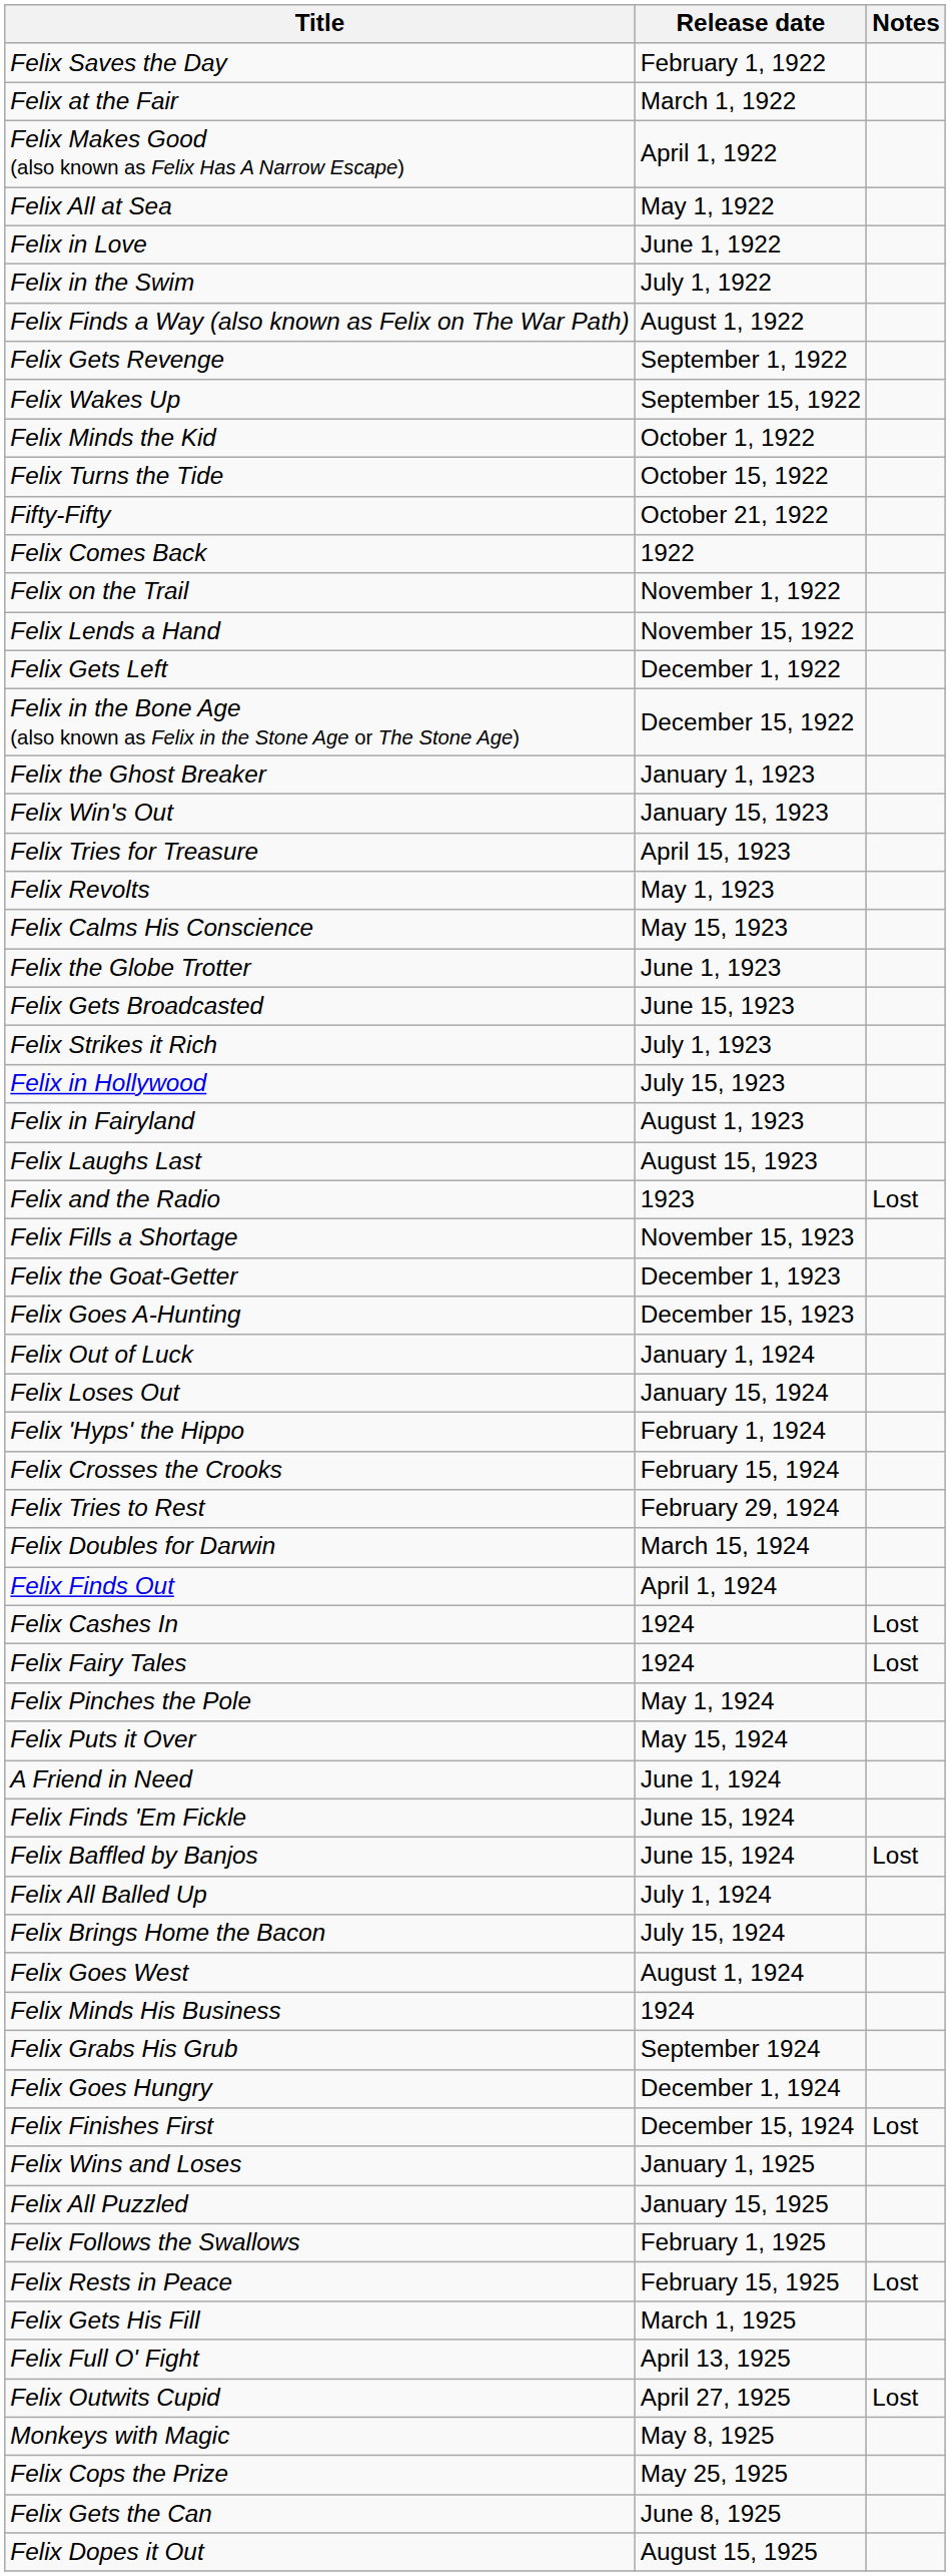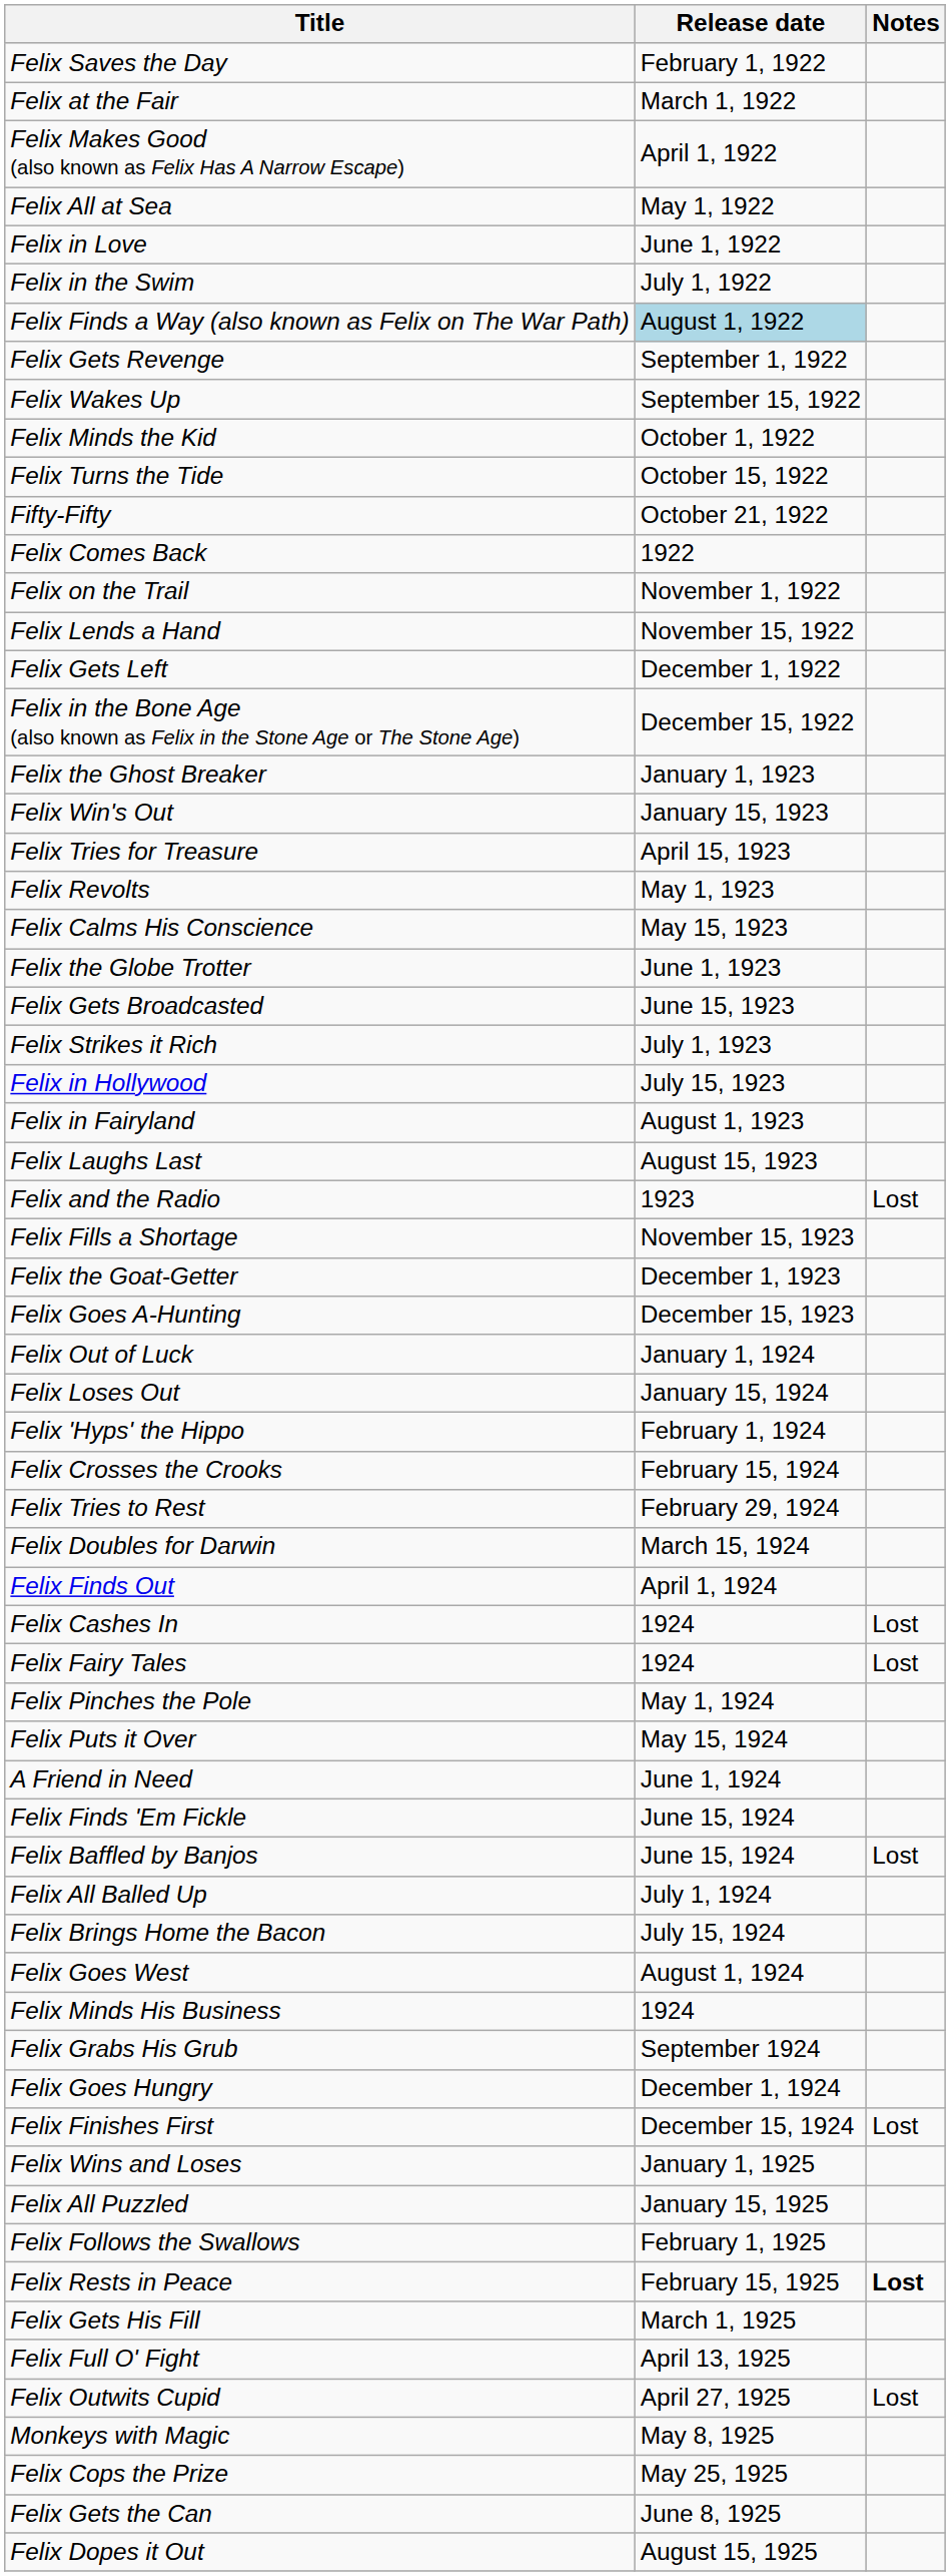 <table class="wikitable">
 <tr>
 <th>Title</th>
 <th>Release date</th>
 <th>Notes</th>
 </tr>
 <tr>
 <td><em>Felix Saves the Day</em> </td>
 <td>February 1, 1922</td>
 <td></td>
 </tr>
 <tr>
 <td><em>Felix at the Fair</em> </td>
 <td>March 1, 1922</td>
 <td></td>
 </tr>
 <tr>
 <td><em>Felix Makes Good</em>  <br> <small>(also known as <em>Felix Has A Narrow Escape</em>)</small></td>
 <td>April 1, 1922</td>
 <td></td>
 </tr>
 <tr>
 <td><em>Felix All at Sea</em></td>
 <td>May 1, 1922</td>
 <td></td>
 </tr>
 <tr>
 <td><em>Felix in Love</em> </td>
 <td>June 1, 1922</td>
 <td></td>
 </tr>
 <tr>
 <td><em>Felix in the Swim</em> </td>
 <td>July 1, 1922</td>
 <td></td>
 </tr>
 <tr>
 <td><em>Felix Finds a Way (also known as Felix on The War Path)</em> </td>
-<td>August 1, 1922</td>
+<td style="background: lightblue;">August 1, 1922</td>
 <td></td>
 </tr>
 <tr>
 <td><em>Felix Gets Revenge</em> </td>
 <td>September 1, 1922</td>
 <td></td>
 </tr>
 <tr>
 <td><em>Felix Wakes Up</em></td>
 <td>September 15, 1922</td>
 <td></td>
 </tr>
 <tr>
 <td><em>Felix Minds the Kid</em> </td>
 <td>October 1, 1922</td>
 <td></td>
 </tr>
 <tr>
 <td><em>Felix Turns the Tide</em>  <br></td>
 <td>October 15, 1922</td>
 <td></td>
 </tr>
 <tr>
 <td><em>Fifty-Fifty</em> </td>
 <td>October 21, 1922</td>
 <td></td>
 </tr>
 <tr>
 <td><em>Felix Comes Back</em> </td>
 <td>1922</td>
 <td></td>
 </tr>
 <tr>
 <td><em>Felix on the Trail</em></td>
 <td>November 1, 1922</td>
 <td></td>
 </tr>
 <tr>
 <td><em>Felix Lends a Hand</em> </td>
 <td>November 15, 1922</td>
 <td></td>
 </tr>
 <tr>
 <td><em>Felix Gets Left</em> </td>
 <td>December 1, 1922</td>
 <td></td>
 </tr>
 <tr>
 <td><em>Felix in the Bone Age</em>  <br> <small>(also known as <em>Felix in the Stone Age</em> or <em>The Stone Age</em>)</small></td>
 <td>December 15, 1922</td>
 <td></td>
 </tr>
 <tr>
 <td><em>Felix the Ghost Breaker</em> </td>
 <td>January 1, 1923</td>
 <td></td>
 </tr>
 <tr>
 <td><em>Felix Win's Out</em>  </td>
 <td>January 15, 1923</td>
 <td></td>
 </tr>
 <tr>
 <td><em>Felix Tries for Treasure</em> </td>
 <td>April 15, 1923</td>
 <td></td>
 </tr>
 <tr>
 <td><em>Felix Revolts</em> </td>
 <td>May 1, 1923</td>
 <td></td>
 </tr>
 <tr>
 <td><em>Felix Calms His Conscience</em></td>
 <td>May 15, 1923</td>
 <td></td>
 </tr>
 <tr>
 <td><em>Felix the Globe Trotter</em></td>
 <td>June 1, 1923</td>
 <td></td>
 </tr>
 <tr>
 <td><em>Felix Gets Broadcasted</em> </td>
 <td>June 15, 1923</td>
 <td></td>
 </tr>
 <tr>
 <td><em>Felix Strikes it Rich</em> </td>
 <td>July 1, 1923</td>
 <td></td>
 </tr>
 <tr>
 <td><em><a href='#'>Felix in Hollywood</a></em> </td>
 <td>July 15, 1923</td>
 <td></td>
 </tr>
 <tr>
 <td><em>Felix in Fairyland</em> </td>
 <td>August 1, 1923</td>
 <td></td>
 </tr>
 <tr>
 <td><em>Felix Laughs Last</em> </td>
 <td>August 15, 1923</td>
 <td></td>
 </tr>
 <tr>
 <td><em>Felix and the Radio</em></td>
 <td>1923</td>
 <td>Lost</td>
 </tr>
 <tr>
 <td><em>Felix Fills a Shortage </em></td>
 <td>November 15, 1923</td>
 <td></td>
 </tr>
 <tr>
 <td><em>Felix the Goat-Getter </em></td>
 <td>December 1, 1923</td>
 <td></td>
 </tr>
 <tr>
 <td><em>Felix Goes A-Hunting</em> </td>
 <td>December 15, 1923</td>
 <td></td>
 </tr>
 <tr>
 <td><em>Felix Out of Luck</em> </td>
 <td>January 1, 1924</td>
 <td></td>
 </tr>
 <tr>
 <td><em>Felix Loses Out</em></td>
 <td>January 15, 1924</td>
 <td></td>
 </tr>
 <tr>
 <td><em>Felix 'Hyps' the Hippo</em> </td>
 <td>February 1, 1924</td>
 <td></td>
 </tr>
 <tr>
 <td><em>Felix Crosses the Crooks</em> </td>
 <td>February 15, 1924</td>
 <td></td>
 </tr>
 <tr>
 <td><em>Felix Tries to Rest</em> </td>
 <td>February 29, 1924</td>
 <td></td>
 </tr>
 <tr>
 <td><em>Felix Doubles for Darwin</em> </td>
 <td>March 15, 1924</td>
 <td></td>
 </tr>
 <tr>
 <td><em><a href='#'>Felix Finds Out</a></em> </td>
 <td>April 1, 1924</td>
 <td></td>
 </tr>
 <tr>
 <td><em>Felix Cashes In</em></td>
 <td>1924</td>
 <td>Lost</td>
 </tr>
 <tr>
 <td><em>Felix Fairy Tales</em></td>
 <td>1924</td>
 <td>Lost</td>
 </tr>
 <tr>
 <td><em>Felix Pinches the Pole</em> </td>
 <td>May 1, 1924</td>
 <td></td>
 </tr>
 <tr>
 <td><em>Felix Puts it Over </em></td>
 <td>May 15, 1924</td>
 <td></td>
 </tr>
 <tr>
 <td><em>A Friend in Need </em></td>
 <td>June 1, 1924</td>
 <td></td>
 </tr>
 <tr>
 <td><em>Felix Finds 'Em Fickle</em> </td>
 <td>June 15, 1924</td>
 <td></td>
 </tr>
 <tr>
 <td><em>Felix Baffled by Banjos</em></td>
 <td>June 15, 1924</td>
 <td>Lost</td>
 </tr>
 <tr>
 <td><em>Felix All Balled Up</em> </td>
 <td>July 1, 1924</td>
 <td></td>
 </tr>
 <tr>
 <td><em>Felix Brings Home the Bacon</em> </td>
 <td>July 15, 1924</td>
 <td></td>
 </tr>
 <tr>
 <td><em>Felix Goes West</em> </td>
 <td>August 1, 1924</td>
 <td></td>
 </tr>
 <tr>
 <td><em>Felix Minds His Business </em></td>
 <td>1924</td>
 <td></td>
 </tr>
 <tr>
 <td><em>Felix Grabs His Grub</em> </td>
 <td>September 1924</td>
 <td></td>
 </tr>
 <tr>
 <td><em>Felix Goes Hungry </em></td>
 <td>December 1, 1924</td>
 <td></td>
 </tr>
 <tr>
 <td><em>Felix Finishes First</em></td>
 <td>December 15, 1924</td>
 <td>Lost</td>
 </tr>
 <tr>
 <td><em>Felix Wins and Loses</em></td>
 <td>January 1, 1925</td>
 <td></td>
 </tr>
 <tr>
 <td><em>Felix All Puzzled</em> </td>
 <td>January 15, 1925</td>
 <td></td>
 </tr>
 <tr>
 <td><em>Felix Follows the Swallows</em> </td>
 <td>February 1, 1925</td>
 <td></td>
 </tr>
 <tr>
 <td><em>Felix Rests in Peace</em></td>
 <td>February 15, 1925</td>
-<td>Lost</td>
+<td><strong>Lost</strong></td>
 </tr>
 <tr>
 <td><em>Felix Gets His Fill</em> </td>
 <td>March 1, 1925</td>
 <td></td>
 </tr>
 <tr>
 <td><em>Felix Full O' Fight</em> </td>
 <td>April 13, 1925</td>
 <td></td>
 </tr>
 <tr>
 <td><em>Felix Outwits Cupid</em></td>
 <td>April 27, 1925</td>
 <td>Lost</td>
 </tr>
 <tr>
 <td><em>Monkeys with Magic</em> </td>
 <td>May 8, 1925</td>
 <td></td>
 </tr>
 <tr>
 <td><em>Felix Cops the Prize</em> </td>
 <td>May 25, 1925</td>
 </tr>
 <tr>
 <td><em>Felix Gets the Can</em> </td>
 <td>June 8, 1925</td>
 <td></td>
 </tr>
 <tr>
 <td><em>Felix Dopes it Out</em> </td>
 <td>August 15, 1925</td>
 <td></td>
 </tr>
 </table>
